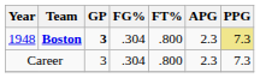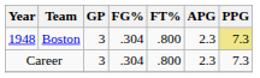 <table class="wikitable sortable" style="font-size:95%; text-align:right;">
 <tr>
 <th>Year</th>
 <th>Team</th>
 <th>GP</th>
 <th>FG%</th>
 <th>FT%</th>
 <th>APG</th>
 <th>PPG</th>
 </tr>
 <tr>
 <td style="text-align:left;"><a href='#'>1948</a></td>
-<td style="text-align:left;"><strong><a href='#'>Boston</a></strong></td>
-<td><strong>3</strong></td>
+<td style="text-align:left;"><a href='#'>Boston</a></td>
+<td>3</td>
 <td>.304</td>
 <td>.800</td>
 <td>2.3</td>
 <td style="background: khaki;">7.3</td>
 </tr>
 <tr>
 <td style="text-align:center;" colspan="2">Career</td>
 <td>3</td>
 <td>.304</td>
 <td>.800</td>
 <td>2.3</td>
 <td>7.3</td>
 </tr>
 <tr>
 </tr>
 </table>
